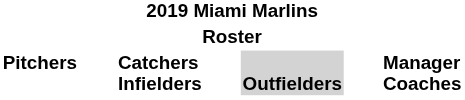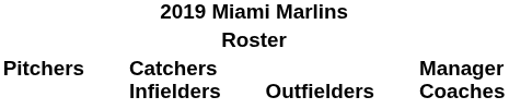 <table class="toccolours" style="font-size: 95%;">
 <tr>
 <th colspan="10">2019 Miami Marlins</th>
 </tr>
 <tr>
 <th colspan="10">Roster</th>
 </tr>
 <tr>
 <td valign="top"><strong>Pitchers</strong><br>                        </td>
 <td style="width:25px;"></td>
 <td valign="top"><strong>Catchers</strong><br>     <strong>Infielders</strong>          </td>
 <td style="width:25px;"></td>
-<td valign="top" style="background: lightgrey;"><br><strong>Outfielders</strong>          </td>
+<td valign="top"><br><strong>Outfielders</strong>          </td>
 <td style="width:25px;"></td>
 <td valign="top"><strong>Manager</strong><br> <strong>Coaches</strong>                    </td>
 </tr>
 </table>
